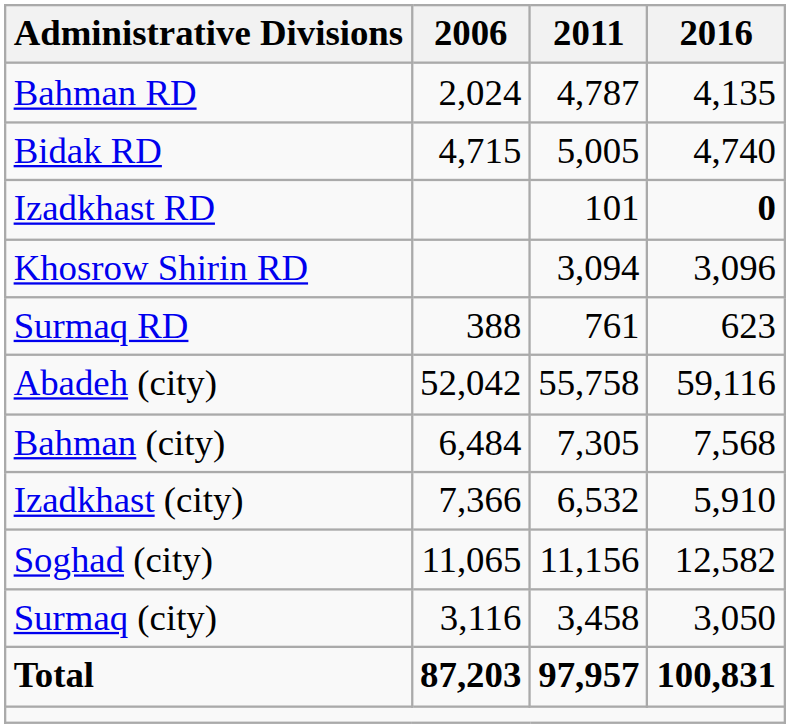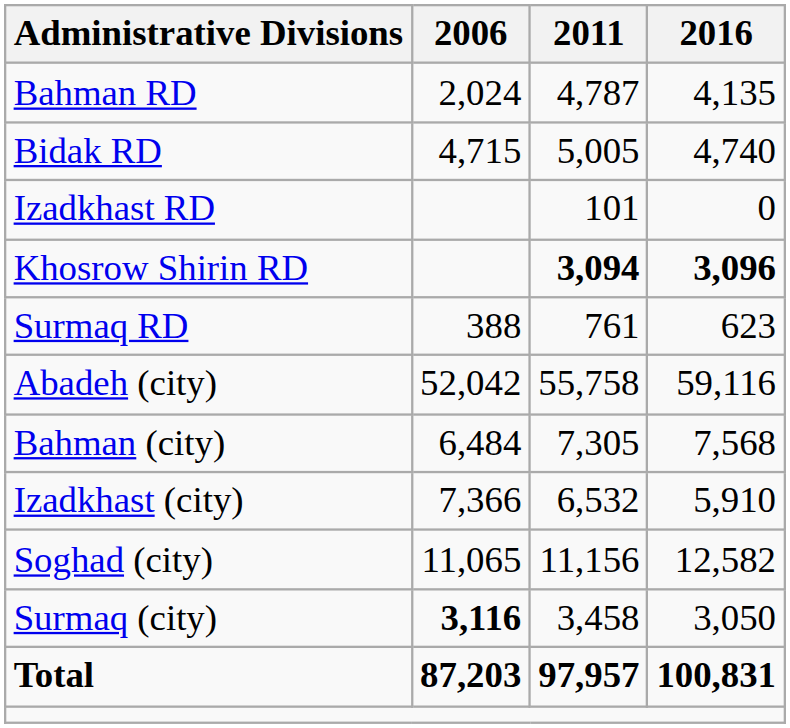 <table class="wikitable">
 <tr>
 <th>Administrative Divisions</th>
 <th>2006</th>
 <th>2011</th>
 <th>2016</th>
 </tr>
 <tr>
 <td><a href='#'>Bahman RD</a></td>
 <td style="text-align: right;">2,024</td>
 <td style="text-align: right;">4,787</td>
 <td style="text-align: right;">4,135</td>
 </tr>
 <tr>
 <td><a href='#'>Bidak RD</a></td>
 <td style="text-align: right;">4,715</td>
 <td style="text-align: right;">5,005</td>
 <td style="text-align: right;">4,740</td>
 </tr>
 <tr>
 <td><a href='#'>Izadkhast RD</a></td>
 <td style="text-align: right;"></td>
 <td style="text-align: right;">101</td>
-<td style="text-align: right;"><strong>0</strong></td>
+<td style="text-align: right;">0</td>
 </tr>
 <tr>
 <td><a href='#'>Khosrow Shirin RD</a></td>
 <td style="text-align: right;"></td>
-<td style="text-align: right;">3,094</td>
-<td style="text-align: right;">3,096</td>
+<td style="text-align: right;"><strong>3,094</strong></td>
+<td style="text-align: right;"><strong>3,096</strong></td>
 </tr>
 <tr>
 <td><a href='#'>Surmaq RD</a></td>
 <td style="text-align: right;">388</td>
 <td style="text-align: right;">761</td>
 <td style="text-align: right;">623</td>
 </tr>
 <tr>
 <td><a href='#'>Abadeh</a> (city)</td>
 <td style="text-align: right;">52,042</td>
 <td style="text-align: right;">55,758</td>
 <td style="text-align: right;">59,116</td>
 </tr>
 <tr>
 <td><a href='#'>Bahman</a> (city)</td>
 <td style="text-align: right;">6,484</td>
 <td style="text-align: right;">7,305</td>
 <td style="text-align: right;">7,568</td>
 </tr>
 <tr>
 <td><a href='#'>Izadkhast</a> (city)</td>
 <td style="text-align: right;">7,366</td>
 <td style="text-align: right;">6,532</td>
 <td style="text-align: right;">5,910</td>
 </tr>
 <tr>
 <td><a href='#'>Soghad</a> (city)</td>
 <td style="text-align: right;">11,065</td>
 <td style="text-align: right;">11,156</td>
 <td style="text-align: right;">12,582</td>
 </tr>
 <tr>
 <td><a href='#'>Surmaq</a> (city)</td>
-<td style="text-align: right;">3,116</td>
+<td style="text-align: right;"><strong>3,116</strong></td>
 <td style="text-align: right;">3,458</td>
 <td style="text-align: right;">3,050</td>
 </tr>
 <tr>
 <td><strong>Total</strong></td>
 <td style="text-align: right;"><strong>87,203</strong></td>
 <td style="text-align: right;"><strong>97,957</strong></td>
 <td style="text-align: right;"><strong>100,831</strong></td>
 </tr>
 <tr>
 <td colspan=4></td>
 </tr>
 </table>
